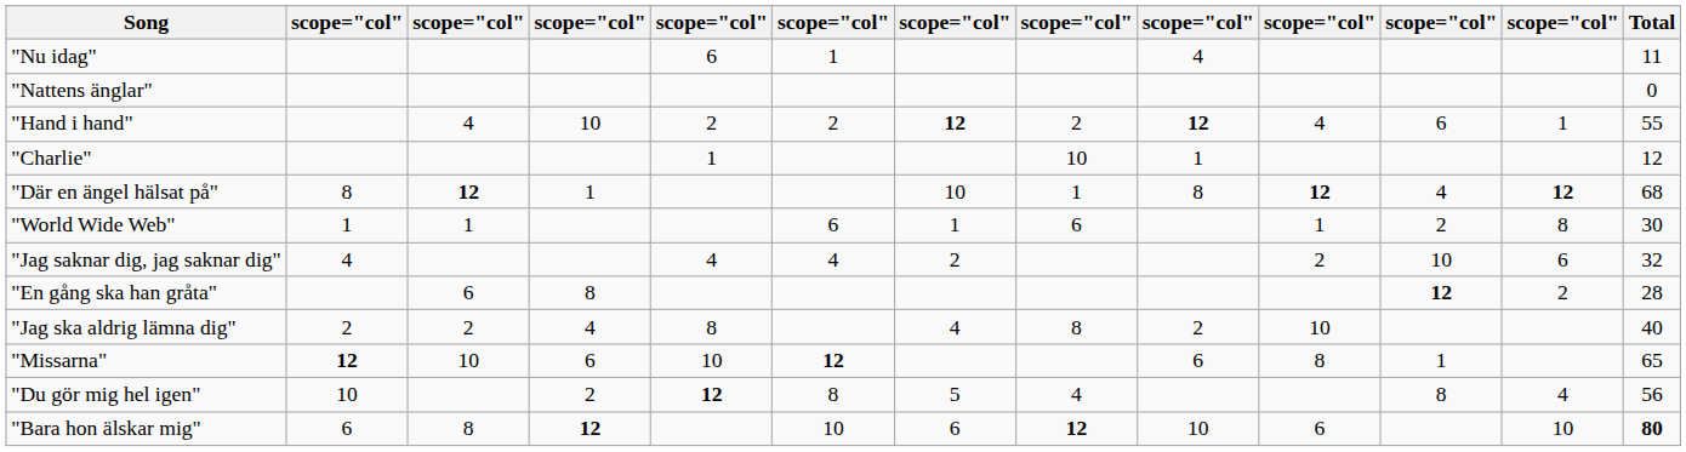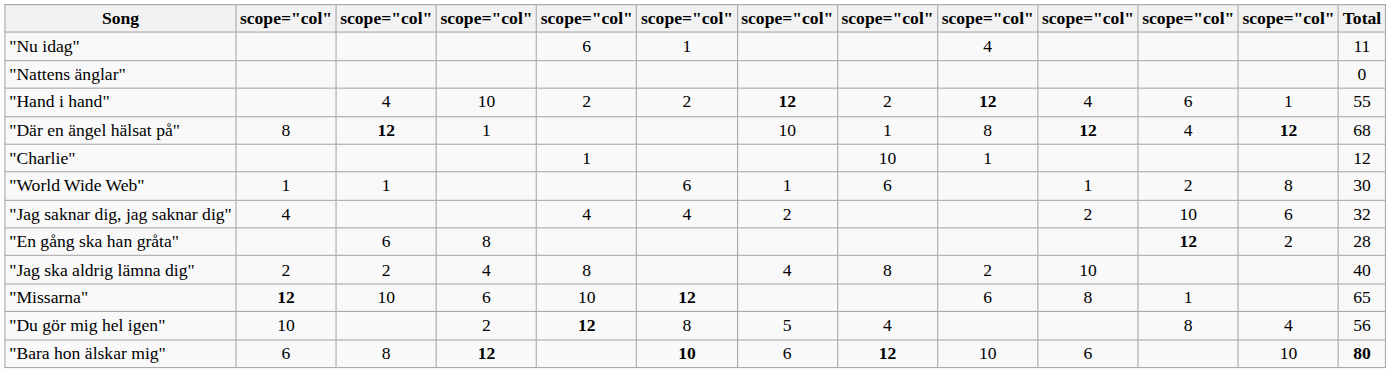 <table class="wikitable plainrowheaders" style="margin: 1em auto 1em auto; text-align:center;">
 <tr>
 </tr>
 <tr>
 <th scope="col">Song</th>
 <th>scope="col" </th>
 <th>scope="col" </th>
 <th>scope="col" </th>
 <th>scope="col" </th>
 <th>scope="col" </th>
 <th>scope="col" </th>
 <th>scope="col" </th>
 <th>scope="col" </th>
 <th>scope="col" </th>
 <th>scope="col" </th>
 <th>scope="col" </th>
 <th scope="col">Total</th>
 </tr>
 <tr --->
 <td align="left">"Nu idag"</td>
 <td></td>
 <td></td>
 <td></td>
 <td>6</td>
 <td>1</td>
 <td></td>
 <td></td>
 <td>4</td>
 <td></td>
 <td></td>
 <td></td>
 <td>11</td>
 </tr>
 <tr --->
 <td align="left">"Nattens änglar"</td>
 <td></td>
 <td></td>
 <td></td>
 <td></td>
 <td></td>
 <td></td>
 <td></td>
 <td></td>
 <td></td>
 <td></td>
 <td></td>
 <td>0</td>
 </tr>
 <tr --->
 <td align="left">"Hand i hand"</td>
 <td></td>
 <td>4</td>
 <td>10</td>
 <td>2</td>
 <td>2</td>
 <td><strong>12</strong></td>
 <td>2</td>
 <td><strong>12</strong></td>
 <td>4</td>
 <td>6</td>
 <td>1</td>
 <td>55</td>
 </tr>
 <tr --->
+<td align="left">"Där en ängel hälsat på"</td>
+<td>8</td>
+<td><strong>12</strong></td>
+<td>1</td>
+<td></td>
+<td></td>
+<td>10</td>
+<td>1</td>
+<td>8</td>
+<td><strong>12</strong></td>
+<td>4</td>
+<td><strong>12</strong></td>
+<td>68</td>
+</tr>
+<tr --->
 <td align="left">"Charlie"</td>
 <td></td>
 <td></td>
 <td></td>
 <td>1</td>
 <td></td>
 <td></td>
 <td>10</td>
 <td>1</td>
 <td></td>
 <td></td>
 <td></td>
 <td>12</td>
-</tr>
-<tr --->
-<td align="left">"Där en ängel hälsat på"</td>
-<td>8</td>
-<td><strong>12</strong></td>
-<td>1</td>
-<td></td>
-<td></td>
-<td>10</td>
-<td>1</td>
-<td>8</td>
-<td><strong>12</strong></td>
-<td>4</td>
-<td><strong>12</strong></td>
-<td>68</td>
 </tr>
 <tr --->
 <td align="left">"World Wide Web"</td>
 <td>1</td>
 <td>1</td>
 <td></td>
 <td></td>
 <td>6</td>
 <td>1</td>
 <td>6</td>
 <td></td>
 <td>1</td>
 <td>2</td>
 <td>8</td>
 <td>30</td>
 </tr>
 <tr --->
 <td align="left">"Jag saknar dig, jag saknar dig"</td>
 <td>4</td>
 <td></td>
 <td></td>
 <td>4</td>
 <td>4</td>
 <td>2</td>
 <td></td>
 <td></td>
 <td>2</td>
 <td>10</td>
 <td>6</td>
 <td>32</td>
 </tr>
 <tr --->
 <td align="left">"En gång ska han gråta"</td>
 <td></td>
 <td>6</td>
 <td>8</td>
 <td></td>
 <td></td>
 <td></td>
 <td></td>
 <td></td>
 <td></td>
 <td><strong>12</strong></td>
 <td>2</td>
 <td>28</td>
 </tr>
 <tr --->
 <td align="left">"Jag ska aldrig lämna dig"</td>
 <td>2</td>
 <td>2</td>
 <td>4</td>
 <td>8</td>
 <td></td>
 <td>4</td>
 <td>8</td>
 <td>2</td>
 <td>10</td>
 <td></td>
 <td></td>
 <td>40</td>
 </tr>
 <tr --->
 <td align="left">"Missarna"</td>
 <td><strong>12</strong></td>
 <td>10</td>
 <td>6</td>
 <td>10</td>
 <td><strong>12</strong></td>
 <td></td>
 <td></td>
 <td>6</td>
 <td>8</td>
 <td>1</td>
 <td></td>
 <td>65</td>
 </tr>
 <tr --->
 <td align="left">"Du gör mig hel igen"</td>
 <td>10</td>
 <td></td>
 <td>2</td>
 <td><strong>12</strong></td>
 <td>8</td>
 <td>5</td>
 <td>4</td>
 <td></td>
 <td></td>
 <td>8</td>
 <td>4</td>
 <td>56</td>
 </tr>
 <tr --->
 <td align="left">"Bara hon älskar mig"</td>
 <td>6</td>
 <td>8</td>
 <td><strong>12</strong></td>
 <td></td>
-<td>10</td>
+<td><strong>10</strong></td>
 <td>6</td>
 <td><strong>12</strong></td>
 <td>10</td>
 <td>6</td>
 <td></td>
 <td>10</td>
 <td><strong>80</strong></td>
 </tr>
 </table>
